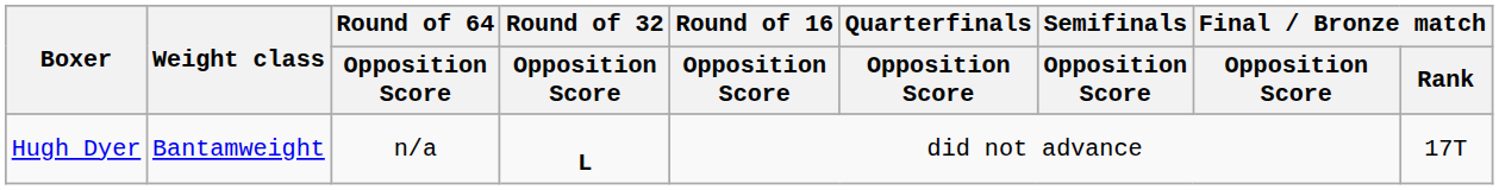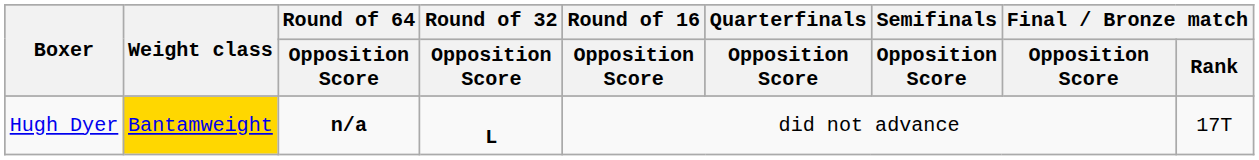 <table class=wikitable style="font-size:90%">
 <tr>
 <th rowspan="2">Boxer</th>
 <th rowspan="2">Weight class</th>
 <th>Round of 64</th>
 <th>Round of 32</th>
 <th>Round of 16</th>
 <th>Quarterfinals</th>
 <th>Semifinals</th>
 <th colspan="2">Final / Bronze match</th>
 </tr>
 <tr>
 <th>Opposition<br>Score</th>
 <th>Opposition<br>Score</th>
 <th>Opposition<br>Score</th>
 <th>Opposition<br>Score</th>
 <th>Opposition<br>Score</th>
 <th>Opposition<br>Score</th>
 <th>Rank</th>
 </tr>
 <tr>
 <td><a href='#'>Hugh Dyer</a></td>
-<td><a href='#'>Bantamweight</a></td>
-<td align=center>n/a</td>
+<td style="background: gold;"><a href='#'>Bantamweight</a></td>
+<td align=center><strong>n/a</strong></td>
 <td align=center> <br> <strong>L</strong></td>
 <td align=center colspan=4>did not advance</td>
 <td align=center>17T</td>
 </tr>
 </table>
